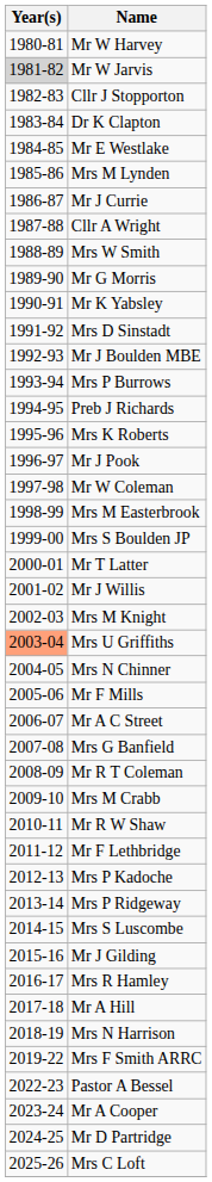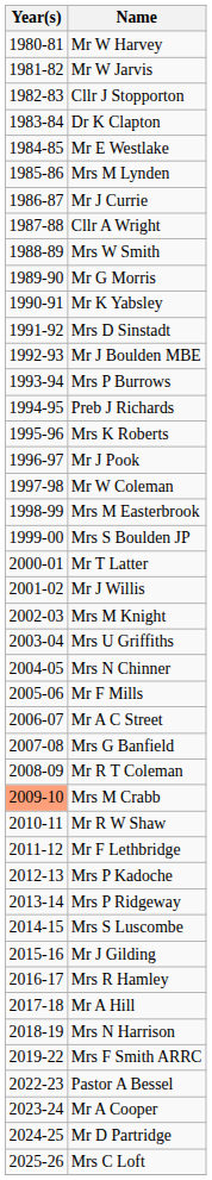 <table class="wikitable sortable">
 <tr>
 <th>Year(s)</th>
 <th>Name</th>
 </tr>
 <tr>
 <td>1980-81</td>
 <td>Mr W Harvey</td>
 </tr>
 <tr>
-<td style="background: lightgrey;">1981-82</td>
+<td>1981-82</td>
 <td>Mr W Jarvis</td>
 </tr>
 <tr>
 <td>1982-83</td>
 <td>Cllr J Stopporton</td>
 </tr>
 <tr>
 <td>1983-84</td>
 <td>Dr K Clapton</td>
 </tr>
 <tr>
 <td>1984-85</td>
 <td>Mr E Westlake</td>
 </tr>
 <tr>
 <td>1985-86</td>
 <td>Mrs M Lynden</td>
 </tr>
 <tr>
 <td>1986-87</td>
 <td>Mr J Currie</td>
 </tr>
 <tr>
 <td>1987-88</td>
 <td>Cllr A Wright</td>
 </tr>
 <tr>
 <td>1988-89</td>
 <td>Mrs W Smith</td>
 </tr>
 <tr>
 <td>1989-90</td>
 <td>Mr G Morris</td>
 </tr>
 <tr>
 <td>1990-91</td>
 <td>Mr K Yabsley</td>
 </tr>
 <tr>
 <td>1991-92</td>
 <td>Mrs D Sinstadt</td>
 </tr>
 <tr>
 <td>1992-93</td>
 <td>Mr J Boulden MBE</td>
 </tr>
 <tr>
 <td>1993-94</td>
 <td>Mrs P Burrows</td>
 </tr>
 <tr>
 <td>1994-95</td>
 <td>Preb J Richards</td>
 </tr>
 <tr>
 <td>1995-96</td>
 <td>Mrs K Roberts</td>
 </tr>
 <tr>
 <td>1996-97</td>
 <td>Mr J Pook</td>
 </tr>
 <tr>
 <td>1997-98</td>
 <td>Mr W Coleman</td>
 </tr>
 <tr>
 <td>1998-99</td>
 <td>Mrs M Easterbrook</td>
 </tr>
 <tr>
 <td>1999-00</td>
 <td>Mrs S Boulden JP</td>
 </tr>
 <tr>
 <td>2000-01</td>
 <td>Mr T Latter</td>
 </tr>
 <tr>
 <td>2001-02</td>
 <td>Mr J Willis</td>
 </tr>
 <tr>
 <td>2002-03</td>
 <td>Mrs M Knight</td>
 </tr>
 <tr>
-<td style="background: lightsalmon;">2003-04</td>
+<td>2003-04</td>
 <td>Mrs U Griffiths</td>
 </tr>
 <tr>
 <td>2004-05</td>
 <td>Mrs N Chinner</td>
 </tr>
 <tr>
 <td>2005-06</td>
 <td>Mr F Mills</td>
 </tr>
 <tr>
 <td>2006-07</td>
 <td>Mr A C Street</td>
 </tr>
 <tr>
 <td>2007-08</td>
 <td>Mrs G Banfield</td>
 </tr>
 <tr>
 <td>2008-09</td>
 <td>Mr R T Coleman</td>
 </tr>
 <tr>
-<td>2009-10</td>
+<td style="background: lightsalmon;">2009-10</td>
 <td>Mrs M Crabb</td>
 </tr>
 <tr>
 <td>2010-11</td>
 <td>Mr R W Shaw</td>
 </tr>
 <tr>
 <td>2011-12</td>
 <td>Mr F Lethbridge</td>
 </tr>
 <tr>
 <td>2012-13</td>
 <td>Mrs P Kadoche</td>
 </tr>
 <tr>
 <td>2013-14</td>
 <td>Mrs P Ridgeway</td>
 </tr>
 <tr>
 <td>2014-15</td>
 <td>Mrs S Luscombe</td>
 </tr>
 <tr>
 <td>2015-16</td>
 <td>Mr J Gilding</td>
 </tr>
 <tr>
 <td>2016-17</td>
 <td>Mrs R Hamley</td>
 </tr>
 <tr>
 <td>2017-18</td>
 <td>Mr A Hill</td>
 </tr>
 <tr>
 <td>2018-19</td>
 <td>Mrs N Harrison</td>
 </tr>
 <tr>
 <td>2019-22</td>
 <td>Mrs F Smith ARRC</td>
 </tr>
 <tr>
 <td>2022-23</td>
 <td>Pastor A Bessel</td>
 </tr>
 <tr>
 <td>2023-24</td>
 <td>Mr A Cooper</td>
 </tr>
 <tr>
 <td>2024-25</td>
 <td>Mr D Partridge</td>
 </tr>
 <tr>
 <td>2025-26</td>
 <td>Mrs C Loft</td>
 </tr>
 <tr>
 </tr>
 </table>
